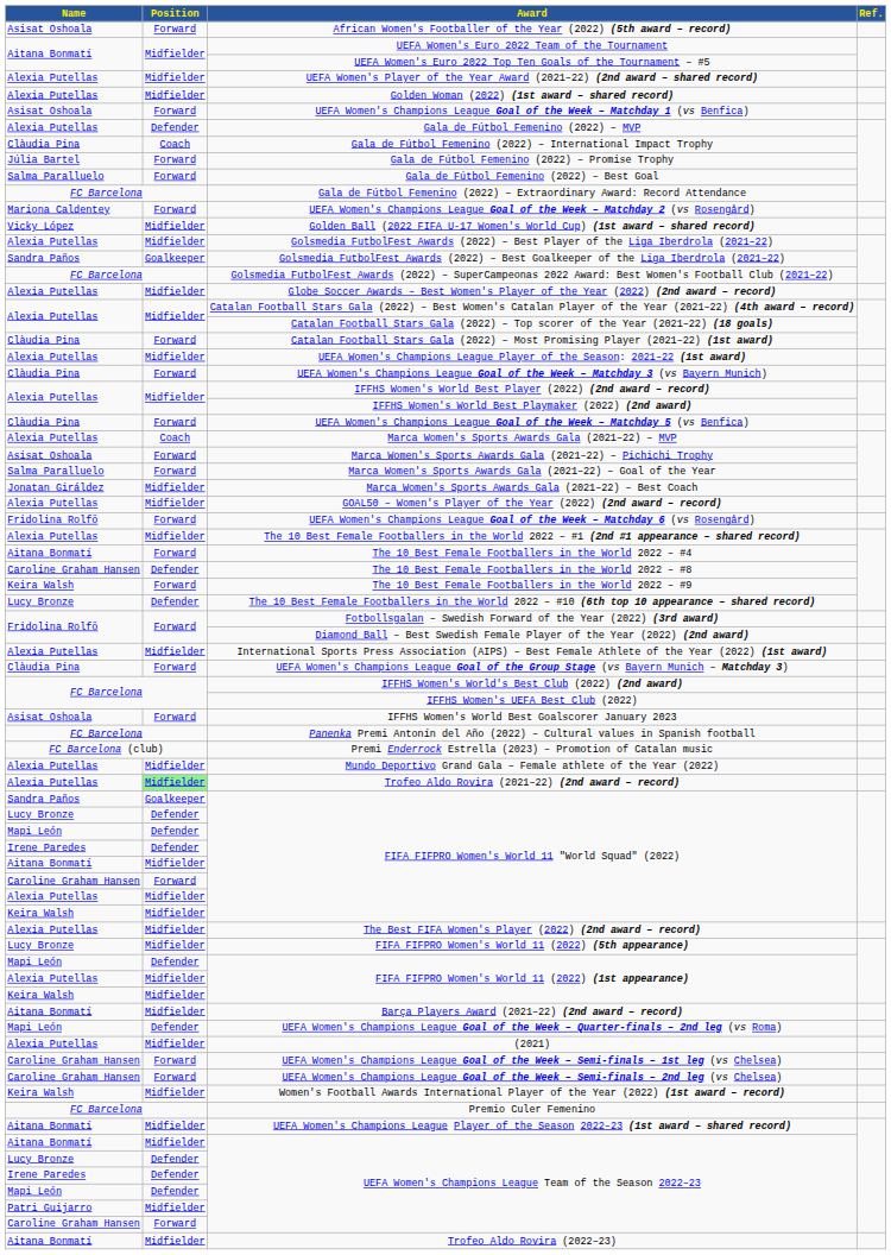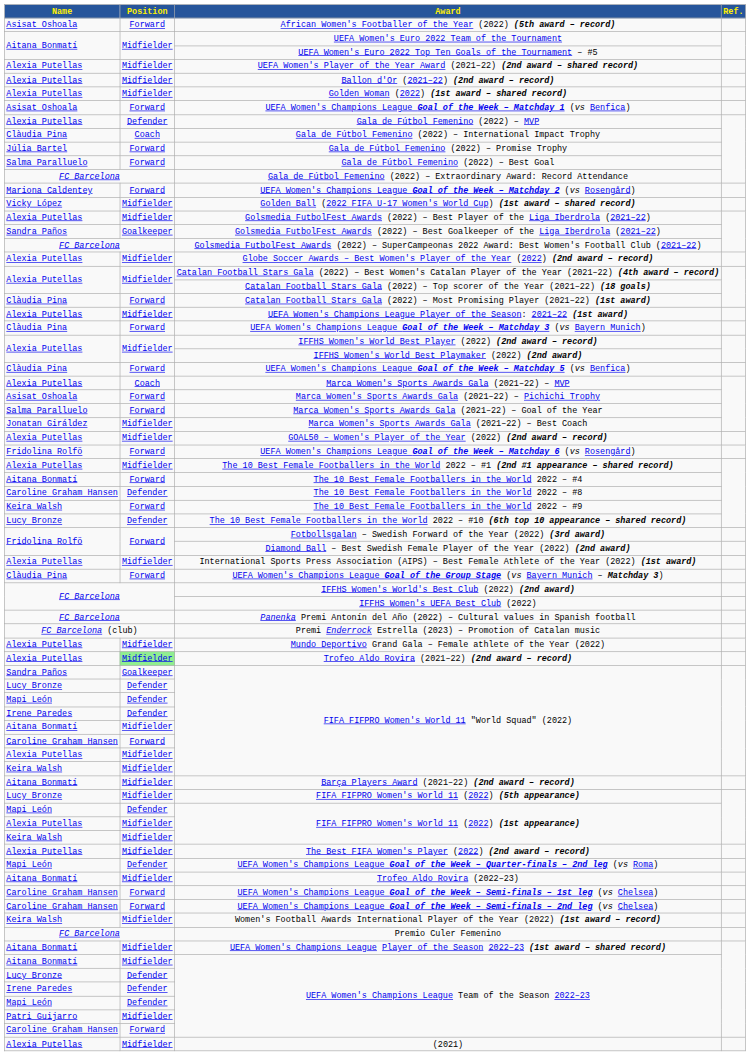 <table class="wikitable">
 <tr>
 <th style="background:#26559B; color:#FFF000; ">Name</th>
 <th style="background:#26559B; color:#FFF000; ">Position</th>
 <th style="background:#26559B; color:#FFF000; ">Award</th>
 <th style="background:#26559B; color:#FFF000; ">Ref.</th>
 </tr>
 <tr>
 <td> <a href='#'>Asisat Oshoala</a></td>
 <td style="text-align:center"><a href='#'>Forward</a></td>
 <td style="text-align:center"><a href='#'>African Women's Footballer of the Year</a> (2022) <strong><em>(5th award – record)</em></strong></td>
 <td style="text-align:center"></td>
 </tr>
 <tr>
 <td rowspan=2> <a href='#'>Aitana Bonmatí</a></td>
 <td rowspan=2; style="text-align:center"><a href='#'>Midfielder</a></td>
 <td style="text-align:center"><a href='#'>UEFA Women's Euro 2022 Team of the Tournament</a></td>
 <td rowspan=2; style="text-align:center"></td>
 </tr>
 <tr>
 <td style="text-align:center"><a href='#'>UEFA Women's Euro 2022 Top Ten Goals of the Tournament</a> – #5</td>
 </tr>
 <tr>
 <td> <a href='#'>Alexia Putellas</a></td>
 <td style="text-align:center"><a href='#'>Midfielder</a></td>
 <td style="text-align:center"><a href='#'>UEFA Women's Player of the Year Award</a> (2021–22) <strong><em>(2nd award – shared record)</em></strong></td>
+<td style="text-align:center"></td>
+</tr>
+<tr>
+<td> <a href='#'>Alexia Putellas</a></td>
+<td style="text-align:center"><a href='#'>Midfielder</a></td>
+<td style="text-align:center"><a href='#'>Ballon d'Or</a> (<a href='#'>2021–22</a>) <strong><em>(2nd award – record)</em></strong></td>
 <td style="text-align:center"></td>
 </tr>
 <tr>
 <td> <a href='#'>Alexia Putellas</a></td>
 <td style="text-align:center"><a href='#'>Midfielder</a></td>
 <td style="text-align:center"><a href='#'>Golden Woman</a> (<a href='#'>2022</a>) <strong><em>(1st award – shared record)</em></strong></td>
 <td style="text-align:center"></td>
 </tr>
 <tr>
 <td> <a href='#'>Asisat Oshoala</a></td>
 <td style="text-align:center"><a href='#'>Forward</a></td>
 <td style="text-align:center"><a href='#'>UEFA Women's Champions League <strong><em>Goal of the Week – Matchday 1</em></strong></a> (<em>vs</em> <a href='#'>Benfica</a>)</td>
 <td style="text-align:center"></td>
 </tr>
 <tr>
 <td> <a href='#'>Alexia Putellas</a></td>
 <td style="text-align:center"><a href='#'>Defender</a></td>
 <td style="text-align:center"><a href='#'>Gala de Fútbol Femenino</a> (2022) – <a href='#'>MVP</a></td>
 <td style="text-align:center", rowspan="5"></td>
 </tr>
 <tr>
 <td> <a href='#'>Clàudia Pina</a></td>
 <td style="text-align:center"><a href='#'>Coach</a></td>
 <td style="text-align:center"><a href='#'>Gala de Fútbol Femenino</a> (2022) – International Impact Trophy</td>
 </tr>
 <tr>
 <td> <a href='#'>Júlia Bartel</a></td>
 <td style="text-align:center"><a href='#'>Forward</a></td>
 <td style="text-align:center"><a href='#'>Gala de Fútbol Femenino</a> (2022) – Promise Trophy</td>
 </tr>
 <tr>
 <td> <a href='#'>Salma Paralluelo</a></td>
 <td style="text-align:center"><a href='#'>Forward</a></td>
 <td style="text-align:center"><a href='#'>Gala de Fútbol Femenino</a> (2022) – Best Goal</td>
 </tr>
 <tr>
 <td colspan=2; style="text-align:center"><a href='#'><em>FC Barcelona</em></a></td>
 <td style="text-align:center"><a href='#'>Gala de Fútbol Femenino</a> (2022) – Extraordinary Award: Record Attendance</td>
 </tr>
 <tr>
 <td> <a href='#'>Mariona Caldentey</a></td>
 <td style="text-align:center"><a href='#'>Forward</a></td>
 <td style="text-align:center"><a href='#'>UEFA Women's Champions League <strong><em>Goal of the Week – Matchday 2</em></strong></a> (<em>vs</em> <a href='#'>Rosengård</a>)</td>
 <td style="text-align:center"></td>
 </tr>
 <tr>
 <td> <a href='#'>Vicky López</a></td>
 <td style="text-align:center"><a href='#'>Midfielder</a></td>
 <td style="text-align:center"><a href='#'>Golden Ball</a> (<a href='#'>2022 FIFA U-17 Women's World Cup</a>) <strong><em>(1st award – shared record)</em></strong></td>
 <td style="text-align:center"></td>
 </tr>
 <tr>
 <td> <a href='#'>Alexia Putellas</a></td>
 <td style="text-align:center"><a href='#'>Midfielder</a></td>
 <td style="text-align:center"><a href='#'>Golsmedia FutbolFest Awards</a> (2022) – Best Player of the <a href='#'>Liga Iberdrola</a> (<a href='#'>2021–22</a>)</td>
 <td style="text-align:center", rowspan="3"></td>
 </tr>
 <tr>
 <td> <a href='#'>Sandra Paños</a></td>
 <td style="text-align:center"><a href='#'>Goalkeeper</a></td>
 <td style="text-align:center"><a href='#'>Golsmedia FutbolFest Awards</a> (2022) – Best Goalkeeper of the <a href='#'>Liga Iberdrola</a> (<a href='#'>2021–22</a>)</td>
 </tr>
 <tr>
 <td colspan=2; style="text-align:center"><a href='#'><em>FC Barcelona</em></a></td>
 <td style="text-align:center"><a href='#'>Golsmedia FutbolFest Awards</a> (2022) – SuperCampeonas 2022 Award: Best Women's Football Club (<a href='#'>2021–22</a>)</td>
 </tr>
 <tr>
 <td> <a href='#'>Alexia Putellas</a></td>
 <td style="text-align:center"><a href='#'>Midfielder</a></td>
 <td style="text-align:center"><a href='#'>Globe Soccer Awards – Best Women's Player of the Year</a> (<a href='#'>2022</a>) <strong><em>(2nd award – record)</em></strong></td>
 <td style="text-align:center"></td>
 </tr>
 <tr>
 <td rowspan="2"> <a href='#'>Alexia Putellas</a></td>
 <td style="text-align:center" rowspan="2"><a href='#'>Midfielder</a></td>
 <td style="text-align:center"><a href='#'>Catalan Football Stars Gala</a> (2022) – Best Women's Catalan Player of the Year (2021–22) <strong><em>(4th award – record)</em></strong></td>
 <td style="text-align:center", rowspan="3"></td>
 </tr>
 <tr>
 <td style="text-align:center"><a href='#'>Catalan Football Stars Gala</a> (2022) – Top scorer of the Year (2021–22) <strong><em>(18 goals)</em></strong></td>
 </tr>
 <tr>
 <td> <a href='#'>Clàudia Pina</a></td>
 <td style="text-align:center"><a href='#'>Forward</a></td>
 <td style="text-align:center"><a href='#'>Catalan Football Stars Gala</a> (2022) – Most Promising Player (2021–22) <strong><em>(1st award)</em></strong></td>
 </tr>
 <tr>
 <td> <a href='#'>Alexia Putellas</a></td>
 <td style="text-align:center"><a href='#'>Midfielder</a></td>
 <td style="text-align:center"><a href='#'>UEFA Women's Champions League Player of the Season</a>: <a href='#'>2021–22</a> <strong><em>(1st award)</em></strong></td>
 <td style="text-align:center"></td>
 </tr>
 <tr>
 <td> <a href='#'>Clàudia Pina</a></td>
 <td style="text-align:center"><a href='#'>Forward</a></td>
 <td style="text-align:center"><a href='#'>UEFA Women's Champions League <strong><em>Goal of the Week – Matchday 3</em></strong></a> (<em>vs</em> <a href='#'>Bayern Munich</a>)</td>
 <td style="text-align:center"></td>
 </tr>
 <tr>
 <td rowspan="2"> <a href='#'>Alexia Putellas</a></td>
 <td style="text-align:center" rowspan="2"><a href='#'>Midfielder</a></td>
 <td style="text-align:center"><a href='#'>IFFHS Women's World Best Player</a> (2022) <strong><em>(2nd award – record)</em></strong></td>
 <td style="text-align:center" rowspan="2"></td>
 </tr>
 <tr>
 <td style="text-align:center"><a href='#'>IFFHS Women's World Best Playmaker</a> (2022) <strong><em>(2nd award)</em></strong></td>
 </tr>
 <tr>
 <td> <a href='#'>Clàudia Pina</a></td>
 <td style="text-align:center"><a href='#'>Forward</a></td>
 <td style="text-align:center"><a href='#'>UEFA Women's Champions League <strong><em>Goal of the Week – Matchday 5</em></strong></a> (<em>vs</em> <a href='#'>Benfica</a>)</td>
 <td style="text-align:center"></td>
 </tr>
 <tr>
 <td> <a href='#'>Alexia Putellas</a></td>
 <td style="text-align:center"><a href='#'>Coach</a></td>
 <td style="text-align:center"><a href='#'>Marca Women's Sports Awards Gala</a> (2021–22) – <a href='#'>MVP</a></td>
 <td style="text-align:center" rowspan="4"></td>
 </tr>
 <tr>
 <td> <a href='#'>Asisat Oshoala</a></td>
 <td style="text-align:center"><a href='#'>Forward</a></td>
 <td style="text-align:center"><a href='#'>Marca Women's Sports Awards Gala</a> (2021–22) – <a href='#'>Pichichi Trophy</a> </td>
 </tr>
 <tr>
 <td> <a href='#'>Salma Paralluelo</a></td>
 <td style="text-align:center"><a href='#'>Forward</a></td>
 <td style="text-align:center"><a href='#'>Marca Women's Sports Awards Gala</a> (2021–22) – Goal of the Year</td>
 </tr>
 <tr>
 <td> <a href='#'>Jonatan Giráldez</a></td>
 <td style="text-align:center"><a href='#'>Midfielder</a></td>
 <td style="text-align:center"><a href='#'>Marca Women's Sports Awards Gala</a> (2021–22) – Best Coach</td>
 </tr>
 <tr>
 <td> <a href='#'>Alexia Putellas</a></td>
 <td style="text-align:center"><a href='#'>Midfielder</a></td>
 <td style="text-align:center"><a href='#'>GOAL50 – Women's Player of the Year</a> (2022) <strong><em>(2nd award – record)</em></strong></td>
 <td style="text-align:center"></td>
 </tr>
 <tr>
 <td> <a href='#'>Fridolina Rolfö</a></td>
 <td style="text-align:center"><a href='#'>Forward</a></td>
 <td style="text-align:center"><a href='#'>UEFA Women's Champions League <strong><em>Goal of the Week – Matchday 6</em></strong></a> (<em>vs</em> <a href='#'>Rosengård</a>)</td>
 <td style="text-align:center"></td>
 </tr>
 <tr>
 <td> <a href='#'>Alexia Putellas</a></td>
 <td style="text-align:center"><a href='#'>Midfielder</a></td>
 <td style="text-align:center"><a href='#'>The 10 Best Female Footballers in the World</a> 2022 – #1 <strong><em>(2nd #1 appearance – shared record)</em></strong></td>
 <td style="text-align:center" rowspan="5"></td>
 </tr>
 <tr>
 <td> <a href='#'>Aitana Bonmatí</a></td>
 <td style="text-align:center"><a href='#'>Forward</a></td>
 <td style="text-align:center"><a href='#'>The 10 Best Female Footballers in the World</a> 2022 – #4</td>
 </tr>
 <tr>
 <td> <a href='#'>Caroline Graham Hansen</a></td>
 <td style="text-align:center"><a href='#'>Defender</a></td>
 <td style="text-align:center"><a href='#'>The 10 Best Female Footballers in the World</a> 2022 – #8</td>
 </tr>
 <tr>
 <td> <a href='#'>Keira Walsh</a></td>
 <td style="text-align:center"><a href='#'>Forward</a></td>
 <td style="text-align:center"><a href='#'>The 10 Best Female Footballers in the World</a> 2022 – #9</td>
 </tr>
 <tr>
 <td> <a href='#'>Lucy Bronze</a></td>
 <td style="text-align:center"><a href='#'>Defender</a></td>
 <td style="text-align:center"><a href='#'>The 10 Best Female Footballers in the World</a> 2022 – #10 <strong><em>(6th top 10 appearance – shared record)</em></strong></td>
 </tr>
 <tr>
 <td rowspan="2"> <a href='#'>Fridolina Rolfö</a></td>
 <td style="text-align:center" rowspan="2"><a href='#'>Forward</a></td>
 <td style="text-align:center"><a href='#'>Fotbollsgalan</a> – Swedish Forward of the Year (2022) <strong><em>(3rd award)</em></strong></td>
 <td style="text-align:center"></td>
 </tr>
 <tr>
 <td style="text-align:center"><a href='#'>Diamond Ball</a> – Best Swedish Female Player of the Year (2022) <strong><em>(2nd award)</em></strong></td>
 <td style="text-align:center"></td>
 </tr>
 <tr>
 <td> <a href='#'>Alexia Putellas</a></td>
 <td style="text-align:center"><a href='#'>Midfielder</a></td>
 <td style="text-align:center">International Sports Press Association (AIPS) – Best Female Athlete of the Year (2022) <strong><em>(1st award)</em></strong></td>
 <td style="text-align:center"></td>
 </tr>
 <tr>
 <td> <a href='#'>Clàudia Pina</a></td>
 <td style="text-align:center"><a href='#'>Forward</a></td>
 <td style="text-align:center"><a href='#'>UEFA Women's Champions League <strong><em>Goal of the Group Stage</em></strong></a> (<em>vs</em> <a href='#'>Bayern Munich</a> – <strong><em>Matchday 3</em></strong>)</td>
 <td style="text-align:center"></td>
 </tr>
 <tr>
 <td colspan="2" rowspan="2" style="text-align:center"><a href='#'><em>FC Barcelona</em></a></td>
 <td style="text-align:center"><a href='#'>IFFHS Women's World's Best Club</a> (2022) <strong><em>(2nd award)</em></strong></td>
 <td style="text-align:center"></td>
 </tr>
 <tr>
 <td style="text-align:center"><a href='#'>IFFHS Women's UEFA Best Club</a> (2022)</td>
 <td style="text-align:center"></td>
 </tr>
 <tr>
-<td> <a href='#'>Asisat Oshoala</a></td>
-<td style="text-align:center"><a href='#'>Forward</a></td>
-<td style="text-align:center">IFFHS Women's World Best Goalscorer January 2023</td>
-<td style="text-align:center"></td>
-</tr>
-<tr>
 <td colspan="2" style="text-align:center"><a href='#'><em>FC Barcelona</em></a></td>
 <td style="text-align:center"><em><a href='#'>Panenka</a></em> Premi Antonín del Año (2022) – Cultural values in Spanish football</td>
 <td style="text-align:center"></td>
 </tr>
 <tr>
 <td colspan="2" style="text-align:center"><em><a href='#'>FC Barcelona</a></em> (club)</td>
 <td style="text-align:center">Premi <em><a href='#'>Enderrock</a></em> Estrella (2023) – Promotion of Catalan music</td>
 <td style="text-align:center"></td>
 </tr>
 <tr>
 <td> <a href='#'>Alexia Putellas</a></td>
 <td style="text-align:center"><a href='#'>Midfielder</a></td>
 <td style="text-align:center"><a href='#'>Mundo Deportivo</a> Grand Gala – Female athlete of the Year (2022)</td>
 <td style="text-align:center"></td>
 </tr>
 <tr>
 <td> <a href='#'>Alexia Putellas</a></td>
 <td style="background: lightgreen; text-align:center"><a href='#'>Midfielder</a></td>
 <td style="text-align:center"><a href='#'>Trofeo Aldo Rovira</a> (2021–22) <strong><em>(2nd award – record)</em></strong></td>
 <td style="text-align:center"></td>
 </tr>
 <tr>
 <td> <a href='#'>Sandra Paños</a></td>
 <td style="text-align:center"><a href='#'>Goalkeeper</a></td>
 <td rowspan="8" style="text-align:center"><a href='#'>FIFA FIFPRO Women's World 11</a> "World Squad" (2022)</td>
 <td rowspan="8" style="text-align:center"></td>
 </tr>
 <tr>
 <td> <a href='#'>Lucy Bronze</a></td>
 <td style="text-align:center"><a href='#'>Defender</a></td>
 </tr>
 <tr>
 <td> <a href='#'>Mapi León</a></td>
 <td style="text-align:center"><a href='#'>Defender</a></td>
 </tr>
 <tr>
 <td> <a href='#'>Irene Paredes</a></td>
 <td style="text-align:center"><a href='#'>Defender</a></td>
 </tr>
 <tr>
 <td> <a href='#'>Aitana Bonmatí</a></td>
 <td style="text-align:center"><a href='#'>Midfielder</a></td>
 </tr>
 <tr>
 <td> <a href='#'>Caroline Graham Hansen</a></td>
 <td style="text-align:center"><a href='#'>Forward</a></td>
 </tr>
 <tr>
 <td> <a href='#'>Alexia Putellas</a></td>
 <td style="text-align:center"><a href='#'>Midfielder</a></td>
 </tr>
 <tr>
 <td> <a href='#'>Keira Walsh</a></td>
 <td style="text-align:center"><a href='#'>Midfielder</a></td>
 </tr>
 <tr>
-<td> <a href='#'>Alexia Putellas</a></td>
+<td> <a href='#'>Aitana Bonmatí</a></td>
 <td style="text-align:center"><a href='#'>Midfielder</a></td>
-<td style="text-align:center"><a href='#'>The Best FIFA Women's Player</a> (<a href='#'>2022</a>) <strong><em>(2nd award – record)</em></strong></td>
+<td style="text-align:center"><a href='#'>Barça Players Award</a> (2021–22) <strong><em>(2nd award – record)</em></strong></td>
 <td style="text-align:center"></td>
 </tr>
 <tr>
 <td> <a href='#'>Lucy Bronze</a></td>
 <td style="text-align:center"><a href='#'>Midfielder</a></td>
 <td style="text-align:center"><a href='#'>FIFA FIFPRO Women's World 11</a> (<a href='#'>2022</a>) <strong><em>(5th appearance)</em></strong></td>
 <td rowspan="4" style="text-align:center"></td>
 </tr>
 <tr>
 <td> <a href='#'>Mapi León</a></td>
 <td style="text-align:center"><a href='#'>Defender</a></td>
 <td rowspan="3"  style="text-align:center"><a href='#'>FIFA FIFPRO Women's World 11</a> (<a href='#'>2022</a>) <strong><em>(1st appearance)</em></strong></td>
 </tr>
 <tr>
 <td> <a href='#'>Alexia Putellas</a></td>
 <td style="text-align:center"><a href='#'>Midfielder</a></td>
 </tr>
 <tr>
 <td> <a href='#'>Keira Walsh</a></td>
 <td style="text-align:center"><a href='#'>Midfielder</a></td>
 </tr>
 <tr>
-<td> <a href='#'>Aitana Bonmatí</a></td>
+<td> <a href='#'>Alexia Putellas</a></td>
 <td style="text-align:center"><a href='#'>Midfielder</a></td>
-<td style="text-align:center"><a href='#'>Barça Players Award</a> (2021–22) <strong><em>(2nd award – record)</em></strong></td>
+<td style="text-align:center"><a href='#'>The Best FIFA Women's Player</a> (<a href='#'>2022</a>) <strong><em>(2nd award – record)</em></strong></td>
 <td style="text-align:center"></td>
 </tr>
 <tr>
 <td> <a href='#'>Mapi León</a></td>
 <td style="text-align:center"><a href='#'>Defender</a></td>
 <td style="text-align:center"><a href='#'>UEFA Women's Champions League <strong><em>Goal of the Week – Quarter-finals – 2nd leg</em></strong></a> (<em>vs</em> <a href='#'>Roma</a>)</td>
 <td style="text-align:center"></td>
 </tr>
 <tr>
-<td> <a href='#'>Alexia Putellas</a></td>
+<td> <a href='#'>Aitana Bonmatí</a></td>
 <td style="text-align:center"><a href='#'>Midfielder</a></td>
-<td style="text-align:center"> (2021)</td>
+<td style="text-align:center"><a href='#'>Trofeo Aldo Rovira</a> (2022–23)</td>
 <td style="text-align:center"></td>
 </tr>
 <tr>
 <td> <a href='#'>Caroline Graham Hansen</a></td>
 <td style="text-align:center"><a href='#'>Forward</a></td>
 <td style="text-align:center"><a href='#'>UEFA Women's Champions League <strong><em>Goal of the Week – Semi-finals – 1st leg</em></strong></a> (<em>vs</em> <a href='#'>Chelsea</a>)</td>
 <td style="text-align:center"></td>
 </tr>
 <tr>
 <td> <a href='#'>Caroline Graham Hansen</a></td>
 <td style="text-align:center"><a href='#'>Forward</a></td>
 <td style="text-align:center"><a href='#'>UEFA Women's Champions League <strong><em>Goal of the Week – Semi-finals – 2nd leg</em></strong></a> (<em>vs</em> <a href='#'>Chelsea</a>)</td>
 <td style="text-align:center"></td>
 </tr>
 <tr>
 <td> <a href='#'>Keira Walsh</a></td>
 <td style="text-align:center"><a href='#'>Midfielder</a></td>
 <td style="text-align:center">Women's Football Awards International Player of the Year (2022) <strong><em>(1st award – record)</em></strong></td>
 <td style="text-align:center"></td>
 </tr>
 <tr>
 <td colspan="2" style="text-align:center"><em><a href='#'>FC Barcelona</a></em></td>
 <td style="text-align:center">Premio Culer Femenino</td>
 <td style="text-align:center"></td>
 </tr>
 <tr>
 <td> <a href='#'>Aitana Bonmatí</a></td>
 <td style="text-align:center"><a href='#'>Midfielder</a></td>
 <td style="text-align:center"><a href='#'>UEFA Women's Champions League</a> <a href='#'>Player of the Season</a> <a href='#'>2022–23</a> <strong><em>(1st award – shared record)</em></strong></td>
 <td rowspan="7" style="text-align:center"></td>
 </tr>
 <tr>
 <td> <a href='#'>Aitana Bonmatí</a></td>
 <td style="text-align:center"><a href='#'>Midfielder</a></td>
 <td rowspan="6" style="text-align:center"><a href='#'>UEFA Women's Champions League</a> Team of the Season <a href='#'>2022–23</a></td>
 </tr>
 <tr>
 <td> <a href='#'>Lucy Bronze</a></td>
 <td style="text-align:center"><a href='#'>Defender</a></td>
 </tr>
 <tr>
 <td> <a href='#'>Irene Paredes</a></td>
 <td style="text-align:center"><a href='#'>Defender</a></td>
 </tr>
 <tr>
 <td> <a href='#'>Mapi León</a></td>
 <td style="text-align:center"><a href='#'>Defender</a></td>
 </tr>
 <tr>
 <td> <a href='#'>Patri Guijarro</a></td>
 <td style="text-align:center"><a href='#'>Midfielder</a></td>
 </tr>
 <tr>
 <td> <a href='#'>Caroline Graham Hansen</a></td>
 <td style="text-align:center"><a href='#'>Forward</a></td>
 </tr>
 <tr>
-<td> <a href='#'>Aitana Bonmatí</a></td>
+<td> <a href='#'>Alexia Putellas</a></td>
 <td style="text-align:center"><a href='#'>Midfielder</a></td>
-<td style="text-align:center"><a href='#'>Trofeo Aldo Rovira</a> (2022–23)</td>
+<td style="text-align:center"> (2021)</td>
 <td style="text-align:center"></td>
 </tr>
 </table>
